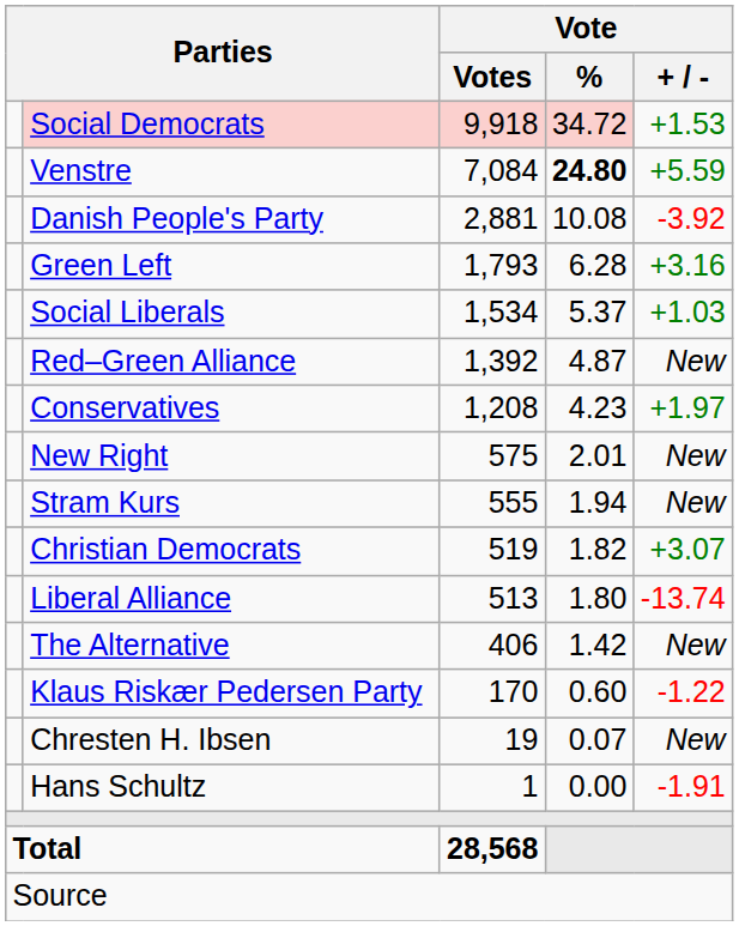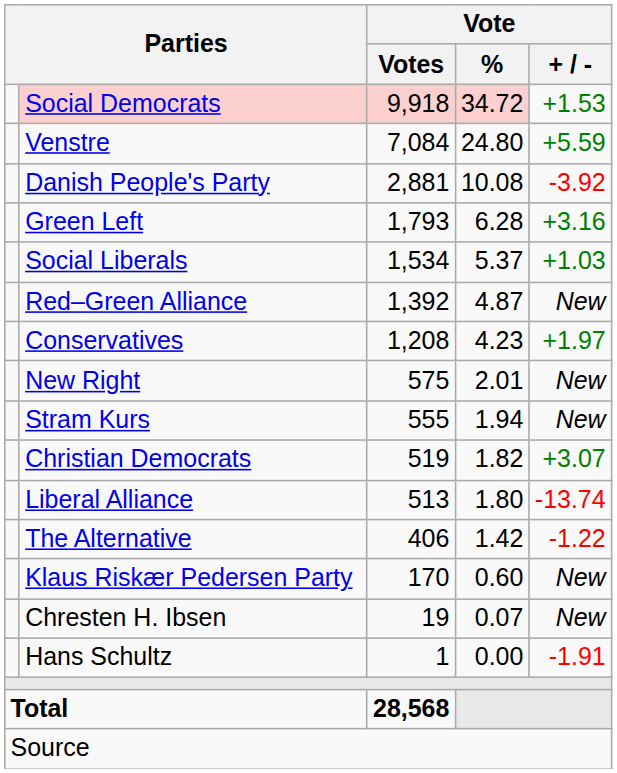 <table class="wikitable" style="text-align:right;">
 <tr>
 <th style="text-align:centre;" rowspan="2" colspan="2" width="225">Parties</th>
 <th colspan="3">Vote</th>
 </tr>
 <tr>
 <th width="15">Votes</th>
 <th width="15">%</th>
 <th width="15">+ / -</th>
 </tr>
 <tr>
 <td width="2" style="color:inherit;background:"></td>
 <td bgcolor=#fbd0ce  align="left"><a href='#'>Social Democrats</a></td>
 <td bgcolor=#fbd0ce>9,918</td>
 <td bgcolor=#fbd0ce>34.72</td>
 <td style=color:green;>+1.53</td>
 </tr>
 <tr>
 <td width="2" style="color:inherit;background:"></td>
 <td align="left"><a href='#'>Venstre</a></td>
 <td>7,084</td>
-<td><strong>24.80</strong></td>
+<td>24.80</td>
 <td style=color:green;>+5.59</td>
 </tr>
 <tr>
 <td width="2" style="color:inherit;background:"></td>
 <td align="left"><a href='#'>Danish People's Party</a></td>
 <td>2,881</td>
 <td>10.08</td>
 <td style=color:red;>-3.92</td>
 </tr>
 <tr>
 <td width="2" style="color:inherit;background:"></td>
 <td align="left"><a href='#'>Green Left</a></td>
 <td>1,793</td>
 <td>6.28</td>
 <td style=color:green;>+3.16</td>
 </tr>
 <tr>
 <td width="2" style="color:inherit;background:"></td>
 <td align="left"><a href='#'>Social Liberals</a></td>
 <td>1,534</td>
 <td>5.37</td>
 <td style=color:green;>+1.03</td>
 </tr>
 <tr>
 <td width="2" style="color:inherit;background:"></td>
 <td align="left"><a href='#'>Red–Green Alliance</a></td>
 <td>1,392</td>
 <td>4.87</td>
 <td><em>New</em></td>
 </tr>
 <tr>
 <td width="2" style="color:inherit;background:"></td>
 <td align="left"><a href='#'>Conservatives</a></td>
 <td>1,208</td>
 <td>4.23</td>
 <td style=color:green;>+1.97</td>
 </tr>
 <tr>
 <td width="2" style="color:inherit;background:"></td>
 <td align="left"><a href='#'>New Right</a></td>
 <td>575</td>
 <td>2.01</td>
 <td><em>New</em></td>
 </tr>
 <tr>
 <td width="2" style="color:inherit;background:"></td>
 <td align="left"><a href='#'>Stram Kurs</a></td>
 <td>555</td>
 <td>1.94</td>
 <td><em>New</em></td>
 </tr>
 <tr>
 <td width="2" style="color:inherit;background:"></td>
 <td align="left"><a href='#'>Christian Democrats</a></td>
 <td>519</td>
 <td>1.82</td>
 <td style=color:green;>+3.07</td>
 </tr>
 <tr>
 <td width="2" style="color:inherit;background:"></td>
 <td align="left"><a href='#'>Liberal Alliance</a></td>
 <td>513</td>
 <td>1.80</td>
 <td style=color:red;>-13.74</td>
 </tr>
 <tr>
 <td width="2" style="color:inherit;background:"></td>
 <td align="left"><a href='#'>The Alternative</a></td>
 <td>406</td>
 <td>1.42</td>
-<td><em>New</em></td>
+<td style=color:red;>-1.22</td>
 </tr>
 <tr>
 <td width="2" style="color:inherit;background:"></td>
 <td align="left"><a href='#'>Klaus Riskær Pedersen Party</a></td>
 <td>170</td>
 <td>0.60</td>
-<td style=color:red;>-1.22</td>
+<td><em>New</em></td>
 </tr>
 <tr>
 <td width="2" style="color:inherit;background:"></td>
 <td align="left">Chresten H. Ibsen</td>
 <td>19</td>
 <td>0.07</td>
 <td><em>New</em></td>
 </tr>
 <tr>
 <td width="2" style="color:inherit;background:"></td>
 <td align="left">Hans Schultz</td>
 <td>1</td>
 <td>0.00</td>
 <td style=color:red;>-1.91</td>
 </tr>
 <tr>
 <td colspan="7" bgcolor="#E9E9E9"></td>
 </tr>
 <tr>
 <td align="left" colspan="2"><strong>Total</strong></td>
 <td><strong>28,568</strong></td>
 <td bgcolor="#E9E9E9" colspan="2"></td>
 </tr>
 <tr>
 <td align="left" colspan="6">Source</td>
 </tr>
 </table>
